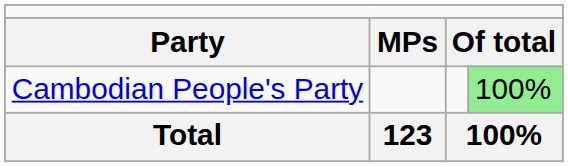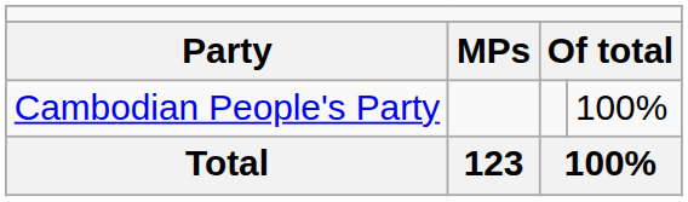 <table class=wikitable>
 <tr>
 <td colspan=9></td>
 </tr>
 <tr>
 <th>Party</th>
 <th>MPs</th>
 <th colspan=2>Of total</th>
 </tr>
 <tr>
 <td><a href='#'>Cambodian People's Party</a></td>
 <td></td>
 <td><div><div>  </div></div></td>
-<td style="background: lightgreen;">100%</td>
+<td>100%</td>
 </tr>
 <tr>
 <th colspan="1"><strong>Total</strong></th>
 <th colspan="1"><strong>123</strong></th>
 <th colspan="2"><strong>100%</strong></th>
 </tr>
 </table>
